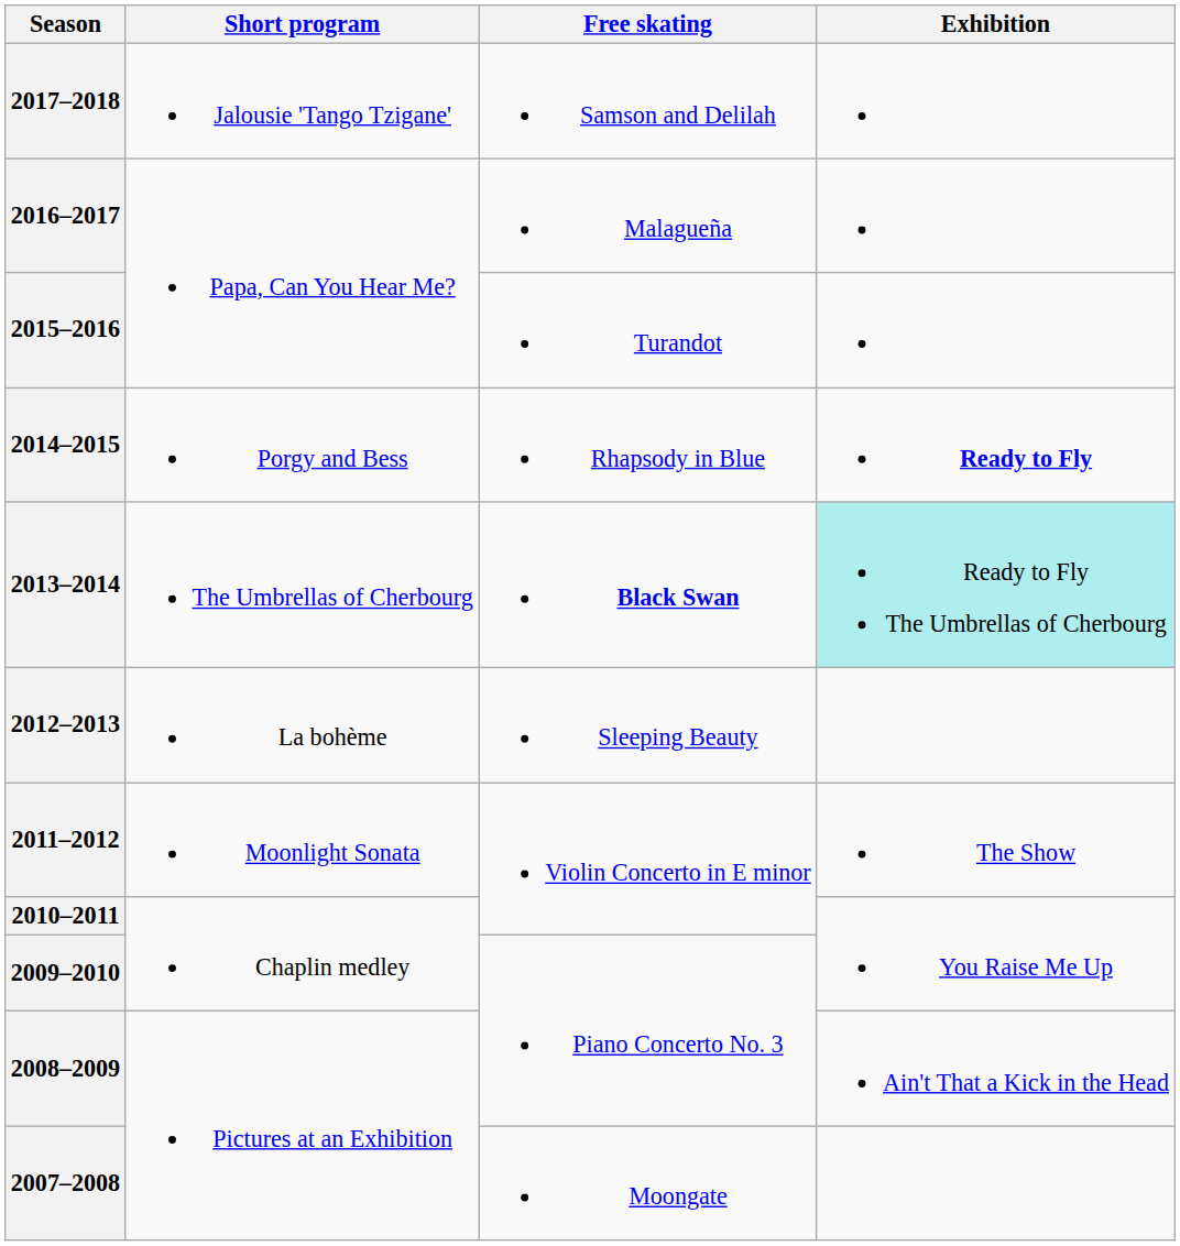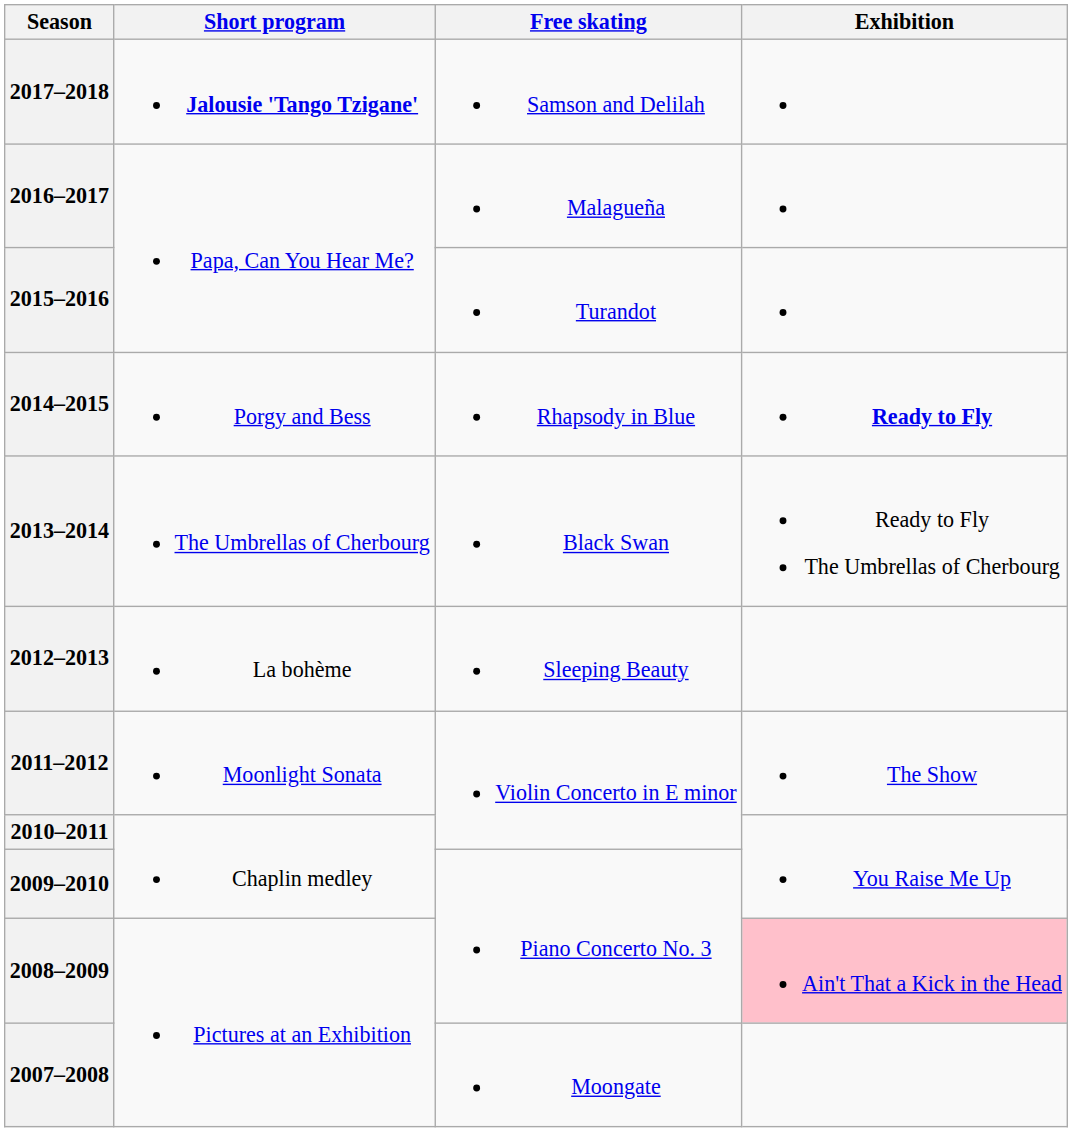 <table class="wikitable" style="text-align:center">
 <tr>
 <th>Season</th>
 <th><a href='#'>Short program</a></th>
 <th><a href='#'>Free skating</a></th>
 <th>Exhibition</th>
 </tr>
 <tr>
 <th>2017–2018</th>
-<td><br><ul><li><a href='#'>Jalousie 'Tango Tzigane'</a> <br></li></ul></td>
+<td><strong><br><ul><li><a href='#'>Jalousie 'Tango Tzigane'</a> <br></li></ul></strong></td>
 <td><br><ul><li><a href='#'>Samson and Delilah</a> <br></li></ul></td>
 <td><br><ul><li></li></ul></td>
 </tr>
 <tr>
 <th>2016–2017</th>
 <td rowspan=2><br><ul><li><a href='#'>Papa, Can You Hear Me?</a> <br></li></ul></td>
 <td><br><ul><li><a href='#'>Malagueña</a> <br></li></ul></td>
 <td><br><ul><li></li></ul></td>
 </tr>
 <tr>
 <th>2015–2016</th>
 <td><br><ul><li><a href='#'>Turandot</a> <br></li></ul></td>
 <td><br><ul><li></li></ul></td>
 </tr>
 <tr>
 <th>2014–2015 <br> </th>
 <td><br><ul><li><a href='#'>Porgy and Bess</a> <br></li></ul></td>
 <td><br><ul><li><a href='#'>Rhapsody in Blue</a> <br></li></ul></td>
 <td><strong><br><ul><li><a href='#'>Ready to Fly</a> <br></li></ul></strong></td>
 </tr>
 <tr>
 <th>2013–2014 <br> </th>
 <td><br><ul><li><a href='#'>The Umbrellas of Cherbourg</a> <br></li></ul></td>
-<td><strong><br><ul><li><a href='#'>Black Swan</a> <br></li></ul></strong></td>
-<td style="background: paleturquoise;"><br><ul><li>Ready to Fly <br></li></ul><ul><li>The Umbrellas of Cherbourg <br></li></ul></td>
+<td><br><ul><li><a href='#'>Black Swan</a> <br></li></ul></td>
+<td><br><ul><li>Ready to Fly <br></li></ul><ul><li>The Umbrellas of Cherbourg <br></li></ul></td>
 </tr>
 <tr>
 <th>2012–2013 <br> </th>
 <td><br><ul><li>La bohème <br></li></ul></td>
 <td><br><ul><li><a href='#'>Sleeping Beauty</a> <br></li></ul></td>
 <td></td>
 </tr>
 <tr>
 <th>2011–2012 <br> </th>
 <td><br><ul><li><a href='#'>Moonlight Sonata</a> <br></li></ul></td>
 <td rowspan=2><br><ul><li><a href='#'>Violin Concerto in E minor</a> <br></li></ul></td>
 <td><br><ul><li><a href='#'>The Show</a> <br></li></ul></td>
 </tr>
 <tr>
 <th>2010–2011 <br> </th>
 <td rowspan=2><br><ul><li>Chaplin medley <br></li></ul></td>
 <td rowspan=2><br><ul><li><a href='#'>You Raise Me Up</a> <br></li></ul></td>
 </tr>
 <tr>
 <th>2009–2010</th>
 <td rowspan=2><br><ul><li><a href='#'>Piano Concerto No. 3</a> <br></li></ul></td>
 </tr>
 <tr>
 <th>2008–2009</th>
 <td rowspan=2><br><ul><li><a href='#'>Pictures at an Exhibition</a> <br></li></ul></td>
-<td><br><ul><li><a href='#'>Ain't That a Kick in the Head</a> <br></li></ul></td>
+<td style="background: pink;"><br><ul><li><a href='#'>Ain't That a Kick in the Head</a> <br></li></ul></td>
 </tr>
 <tr>
 <th>2007–2008</th>
 <td><br><ul><li><a href='#'>Moongate</a> <br></li></ul></td>
 <td></td>
 </tr>
 </table>
